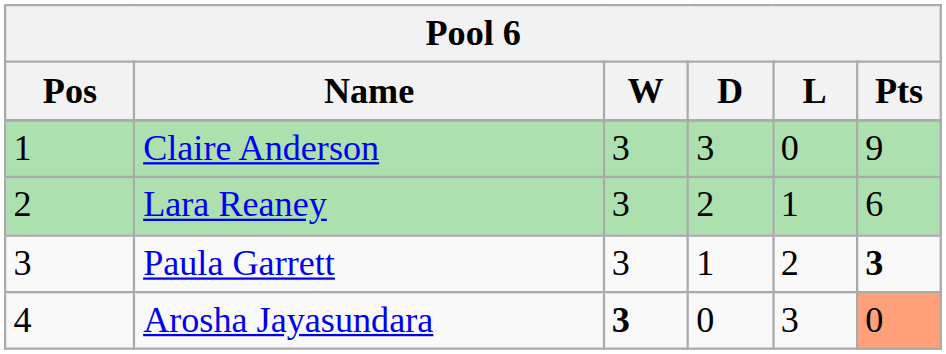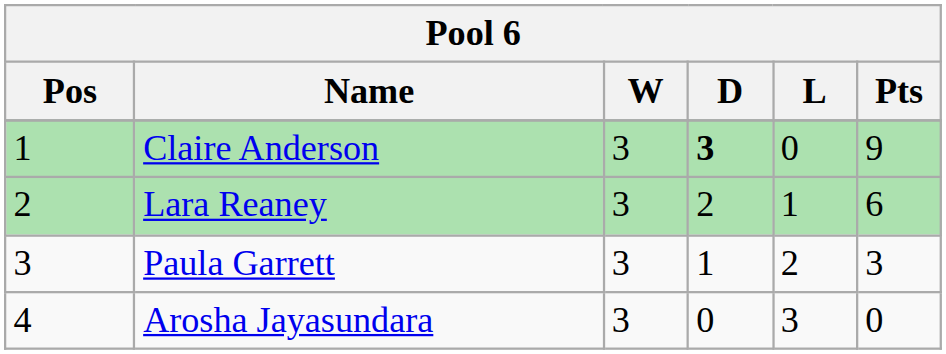 <table class="wikitable">
 <tr>
 <th colspan="6">Pool 6</th>
 </tr>
 <tr>
 <th width=50>Pos</th>
 <th width=200>Name</th>
 <th width=30>W</th>
 <th width=30>D</th>
 <th width=30>L</th>
 <th width=30>Pts</th>
 </tr>
 <tr>
 </tr>
 <tr style="background:#ACE1AF;">
 <td>1</td>
 <td> <a href='#'>Claire Anderson</a></td>
 <td>3</td>
-<td>3</td>
+<td><strong>3</strong></td>
 <td>0</td>
 <td>9</td>
 </tr>
 <tr style="background:#ACE1AF;">
 <td>2</td>
 <td> <a href='#'>Lara Reaney</a></td>
 <td>3</td>
 <td>2</td>
 <td>1</td>
 <td>6</td>
 </tr>
 <tr>
 <td>3</td>
 <td> <a href='#'>Paula Garrett</a></td>
 <td>3</td>
 <td>1</td>
 <td>2</td>
-<td><strong>3</strong></td>
+<td>3</td>
 </tr>
 <tr>
 <td>4</td>
 <td> <a href='#'>Arosha Jayasundara</a></td>
-<td><strong>3</strong></td>
+<td>3</td>
 <td>0</td>
 <td>3</td>
-<td style="background: lightsalmon;">0</td>
+<td>0</td>
 </tr>
 </table>
